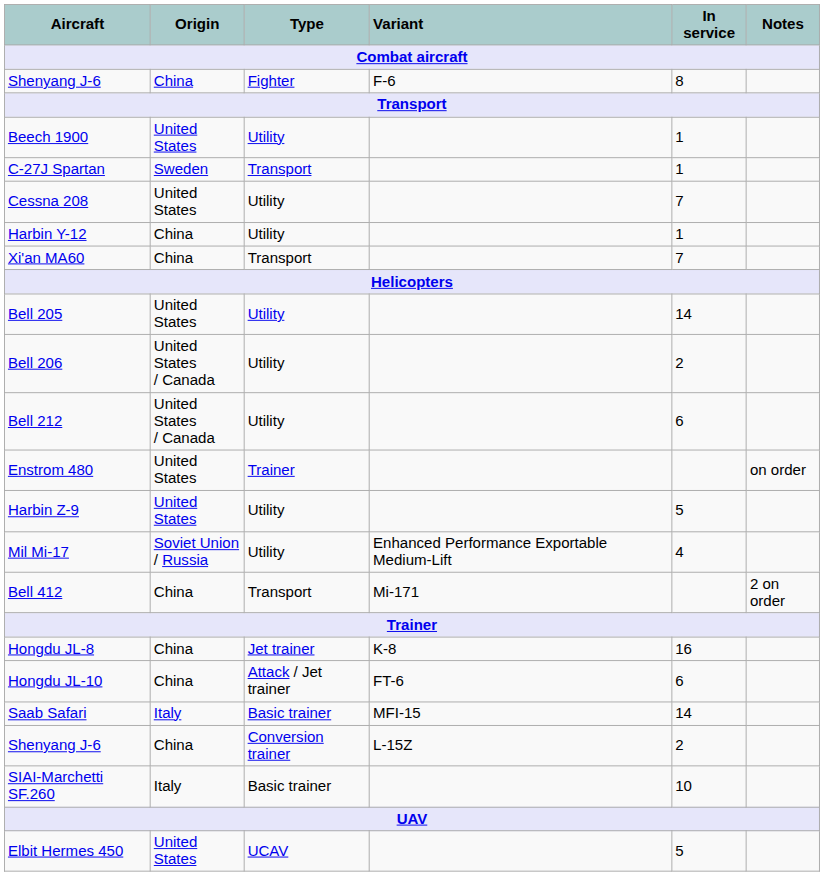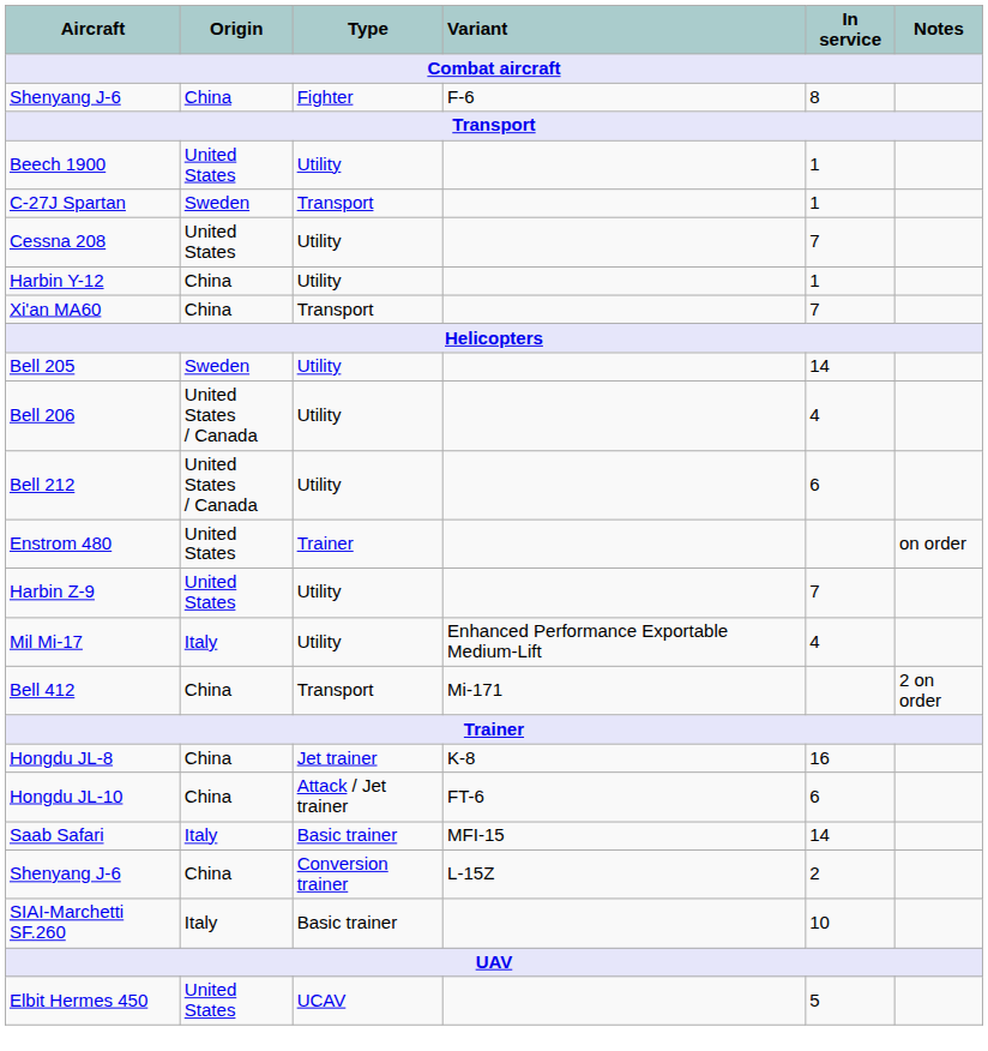 <table class="wikitable">
 <tr>
 <th style="text-align:center; background:#acc;">Aircraft</th>
 <th style="text-align: center; background:#acc;">Origin</th>
 <th style="text-align:l center; background:#acc;">Type</th>
 <th style="text-align:left; background:#acc;">Variant</th>
 <th style="text-align:center; background:#acc;">In service</th>
 <th style="text-align: center; background:#acc;">Notes</th>
 </tr>
 <tr>
 <th style="align: center; background: lavender;" colspan="7"><a href='#'>Combat aircraft</a></th>
 </tr>
 <tr>
 <td><a href='#'>Shenyang J-6</a></td>
 <td><a href='#'>China</a></td>
 <td><a href='#'>Fighter</a></td>
 <td>F-6</td>
 <td>8</td>
 <td></td>
 </tr>
 <tr>
 <th colspan="7" style="align: center; background: lavender;"><a href='#'>Transport</a></th>
 </tr>
 <tr>
 <td><a href='#'>Beech 1900</a></td>
 <td><a href='#'>United States</a></td>
 <td><a href='#'>Utility</a></td>
 <td></td>
 <td>1</td>
 <td></td>
 </tr>
 <tr>
 <td><a href='#'>C-27J Spartan</a></td>
 <td><a href='#'>Sweden</a></td>
 <td><a href='#'>Transport</a></td>
 <td></td>
 <td>1</td>
 <td></td>
 </tr>
 <tr>
 <td><a href='#'>Cessna 208</a></td>
 <td>United States</td>
 <td>Utility</td>
 <td></td>
 <td>7</td>
 <td></td>
 </tr>
 <tr>
 <td><a href='#'>Harbin Y-12</a></td>
 <td>China</td>
 <td>Utility</td>
 <td></td>
 <td>1</td>
 <td></td>
 </tr>
 <tr>
 <td><a href='#'>Xi'an MA60</a></td>
 <td>China</td>
 <td>Transport</td>
 <td></td>
 <td>7</td>
 <td></td>
 </tr>
 <tr>
 <th colspan="7" style="align: center; background: lavender;"><a href='#'>Helicopters</a></th>
 </tr>
 <tr>
 <td><a href='#'>Bell 205</a></td>
-<td>United States</td>
+<td><a href='#'>Sweden</a></td>
 <td><a href='#'>Utility</a></td>
 <td></td>
 <td>14</td>
 <td></td>
 </tr>
 <tr>
 <td><a href='#'>Bell 206</a></td>
 <td>United States<br>/ Canada</td>
 <td>Utility</td>
 <td></td>
-<td>2</td>
+<td>4</td>
 <td></td>
 </tr>
 <tr>
 <td><a href='#'>Bell 212</a></td>
 <td>United States<br>/ Canada</td>
 <td>Utility</td>
 <td></td>
 <td>6</td>
 <td></td>
 </tr>
 <tr>
 <td><a href='#'>Enstrom 480</a></td>
 <td>United States</td>
 <td><a href='#'>Trainer</a></td>
 <td></td>
 <td></td>
 <td>on order</td>
 </tr>
 <tr>
 <td><a href='#'>Harbin Z-9</a></td>
 <td><a href='#'>United States</a></td>
 <td>Utility</td>
 <td></td>
-<td>5</td>
+<td>7</td>
 <td></td>
 </tr>
 <tr>
 <td><a href='#'>Mil Mi-17</a></td>
-<td><a href='#'>Soviet Union</a><br>/ <a href='#'>Russia</a></td>
+<td><a href='#'>Italy</a></td>
 <td>Utility</td>
 <td>Enhanced Performance Exportable Medium-Lift</td>
 <td>4</td>
 </tr>
 <tr>
 <td><a href='#'>Bell 412</a></td>
 <td>China</td>
 <td>Transport</td>
 <td>Mi-171</td>
 <td></td>
 <td>2 on order</td>
 </tr>
 <tr>
 <th colspan="7" style="align: center; background: lavender;"><a href='#'>Trainer</a></th>
 </tr>
 <tr>
 <td><a href='#'>Hongdu JL-8</a></td>
 <td>China</td>
 <td><a href='#'>Jet trainer</a></td>
 <td>K-8</td>
 <td>16</td>
 <td></td>
 </tr>
 <tr>
 <td><a href='#'>Hongdu JL-10</a></td>
 <td>China</td>
 <td><a href='#'>Attack</a> / Jet trainer</td>
 <td>FT-6</td>
 <td>6</td>
 <td></td>
 </tr>
 <tr>
 <td><a href='#'>Saab Safari</a></td>
 <td><a href='#'>Italy</a></td>
 <td><a href='#'>Basic trainer</a></td>
 <td>MFI-15</td>
 <td>14</td>
 <td></td>
 </tr>
 <tr>
 <td><a href='#'>Shenyang J-6</a></td>
 <td>China</td>
 <td><a href='#'>Conversion trainer</a></td>
 <td>L-15Z</td>
 <td>2</td>
 <td></td>
 </tr>
 <tr>
 <td><a href='#'>SIAI-Marchetti SF.260</a></td>
 <td>Italy</td>
 <td>Basic trainer</td>
 <td></td>
 <td>10</td>
 <td></td>
 </tr>
 <tr>
 <th style="align: center; background: lavender;" colspan="7"><a href='#'>UAV</a></th>
 </tr>
 <tr>
 <td><a href='#'>Elbit Hermes 450</a></td>
 <td><a href='#'>United States</a></td>
 <td><a href='#'>UCAV</a></td>
 <td></td>
 <td>5</td>
 <td></td>
 </tr>
 </table>
